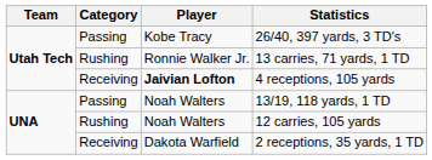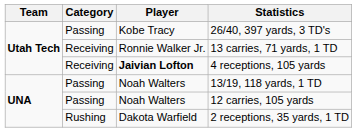 <table class="wikitable" style="float: right;">
 <tr>
 <th>Team</th>
 <th>Category</th>
 <th>Player</th>
 <th>Statistics</th>
 </tr>
 <tr>
 <td rowspan=3><strong>Utah Tech</strong></td>
 <td>Passing</td>
 <td>Kobe Tracy</td>
 <td>26/40, 397 yards, 3 TD's</td>
 </tr>
 <tr>
-<td>Rushing</td>
+<td>Receiving</td>
 <td>Ronnie Walker Jr.</td>
 <td>13 carries, 71 yards, 1 TD</td>
 </tr>
 <tr>
 <td>Receiving</td>
 <td><strong>Jaivian Lofton</strong></td>
 <td>4 receptions, 105 yards</td>
 </tr>
 <tr>
 <td rowspan=3><strong>UNA</strong></td>
 <td>Passing</td>
 <td>Noah Walters</td>
 <td>13/19, 118 yards, 1 TD</td>
 </tr>
 <tr>
-<td>Rushing</td>
+<td>Passing</td>
 <td>Noah Walters</td>
 <td>12 carries, 105 yards</td>
 </tr>
 <tr>
-<td>Receiving</td>
+<td>Rushing</td>
 <td>Dakota Warfield</td>
 <td>2 receptions, 35 yards, 1 TD</td>
 </tr>
 </table>
